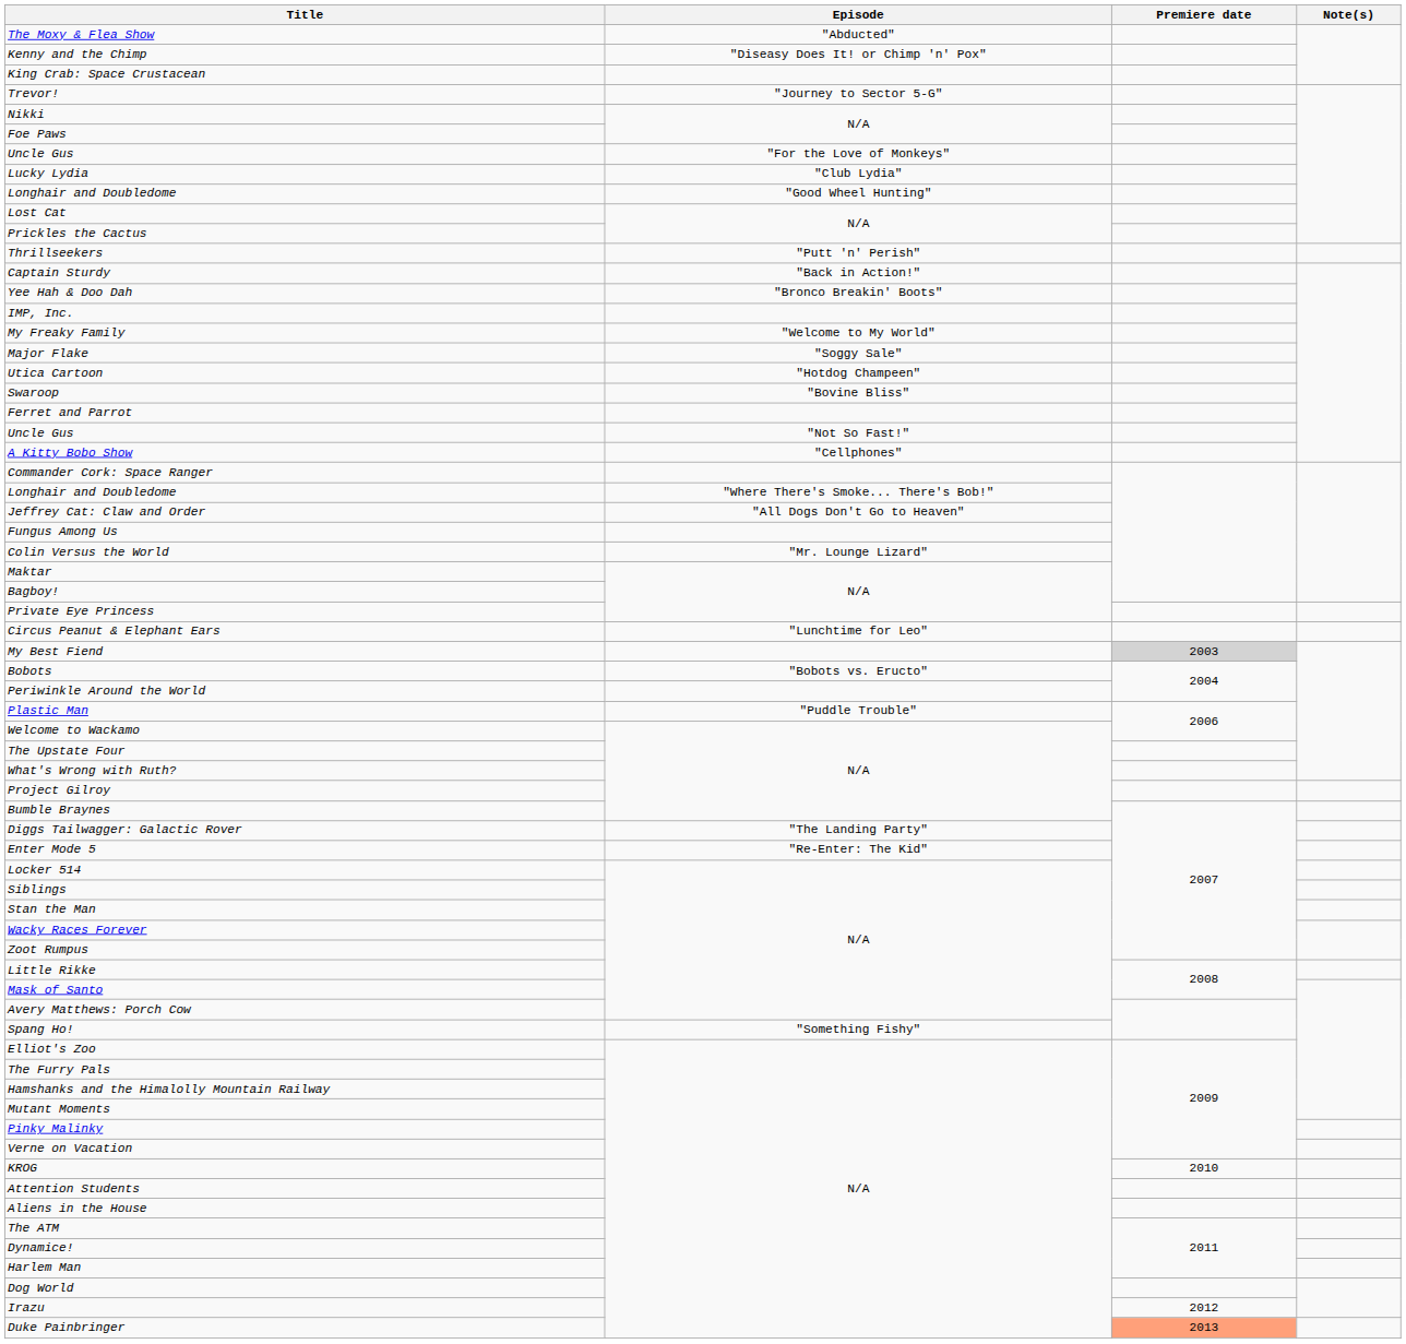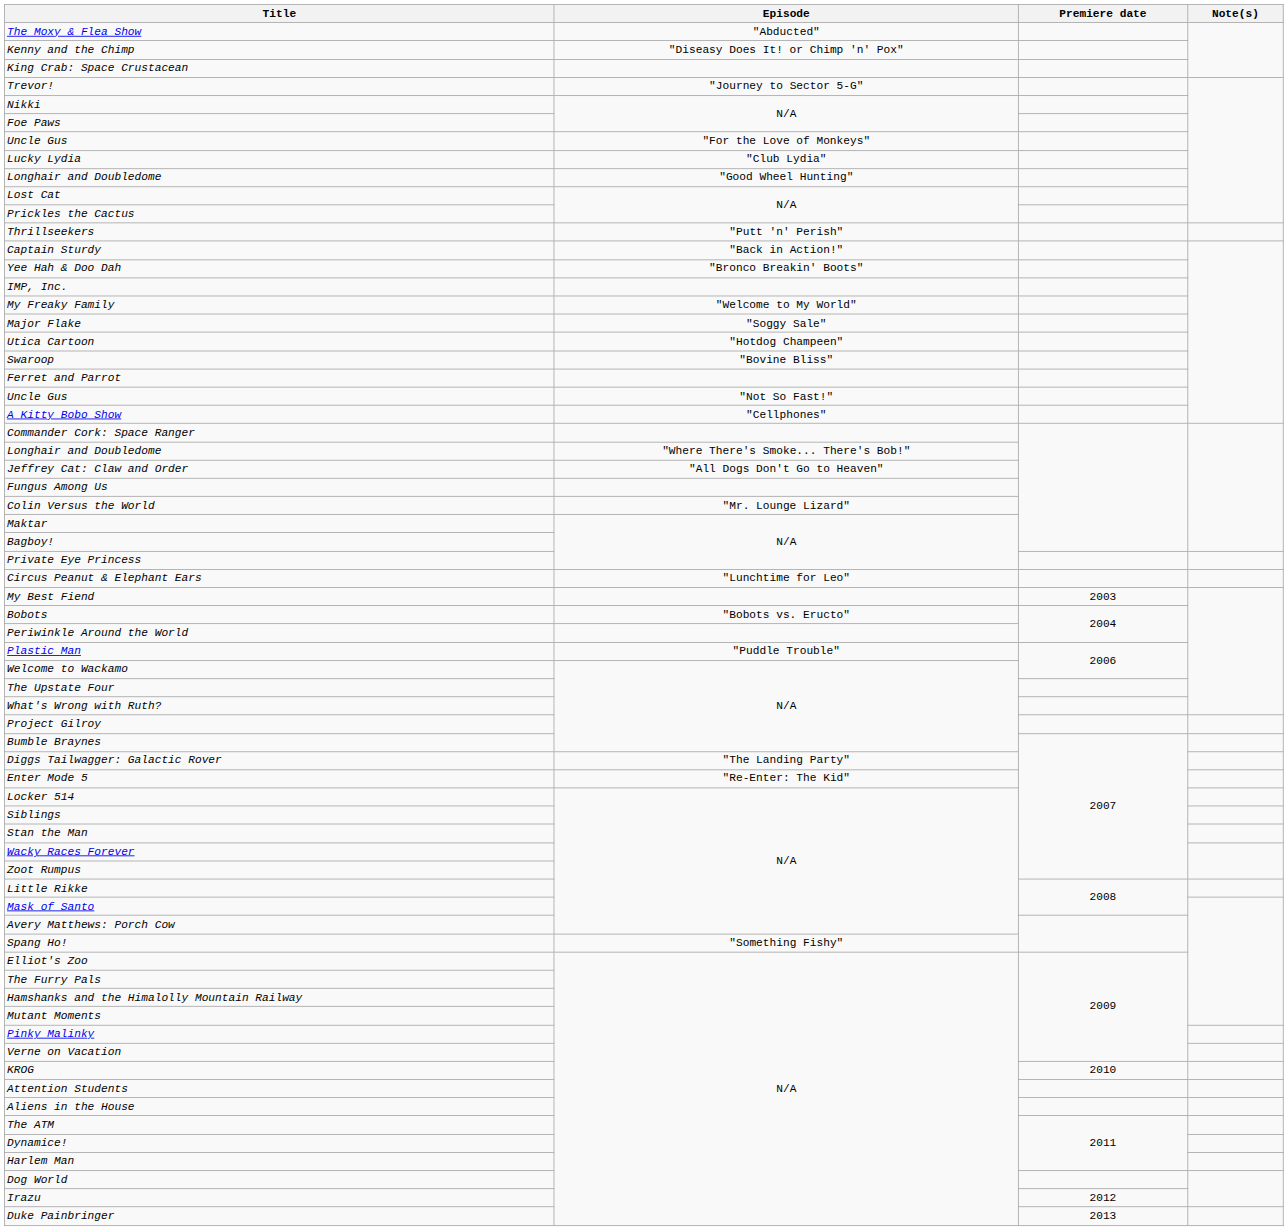 <table class="wikitable plainrowheaders sortable" style="width:75%;text-align:center;">
 <tr>
 <th>Title</th>
 <th>Episode</th>
 <th>Premiere date</th>
 <th class="unsortable">Note(s)</th>
 </tr>
 <tr>
 <td scope="row" style="text-align:left;"><em><a href='#'>The Moxy & Flea Show</a></em></td>
 <td>"Abducted"</td>
 <td></td>
 <td rowspan="3"></td>
 </tr>
 <tr>
 <td scope="row" style="text-align:left;"><em>Kenny and the Chimp</em></td>
 <td>"Diseasy Does It! or Chimp 'n' Pox"</td>
 <td></td>
 </tr>
 <tr>
 <td scope="row" style="text-align:left;"><em>King Crab: Space Crustacean</em></td>
 <td></td>
 <td></td>
 </tr>
 <tr>
 <td scope="row" style="text-align:left;"><em>Trevor!</em></td>
 <td>"Journey to Sector 5-G"</td>
 <td></td>
 <td rowspan="8"></td>
 </tr>
 <tr>
 <td scope="row" style="text-align:left;"><em>Nikki</em></td>
 <td rowspan="2">N/A</td>
 <td></td>
 </tr>
 <tr>
 <td scope="row" style="text-align:left;"><em>Foe Paws</em></td>
 <td></td>
 </tr>
 <tr>
 <td scope="row" style="text-align:left;"><em>Uncle Gus</em></td>
 <td>"For the Love of Monkeys"</td>
 <td></td>
 </tr>
 <tr>
 <td scope="row" style="text-align:left;"><em>Lucky Lydia</em></td>
 <td>"Club Lydia"</td>
 <td></td>
 </tr>
 <tr>
 <td scope="row" style="text-align:left;"><em>Longhair and Doubledome</em></td>
 <td>"Good Wheel Hunting"</td>
 <td></td>
 </tr>
 <tr>
 <td scope="row" style="text-align:left;"><em>Lost Cat</em></td>
 <td rowspan="2">N/A</td>
 <td></td>
 </tr>
 <tr>
 <td scope="row" style="text-align:left;"><em>Prickles the Cactus</em></td>
 <td></td>
 </tr>
 <tr>
 <td scope="row" style="text-align:left;"><em>Thrillseekers</em></td>
 <td>"Putt 'n' Perish"</td>
 <td></td>
 </tr>
 <tr>
 <td scope="row" style="text-align:left;"><em>Captain Sturdy</em></td>
 <td>"Back in Action!"</td>
 <td></td>
 <td rowspan="10"></td>
 </tr>
 <tr>
 <td scope="row" style="text-align:left;"><em>Yee Hah & Doo Dah</em></td>
 <td>"Bronco Breakin' Boots"</td>
 <td></td>
 </tr>
 <tr>
 <td scope="row" style="text-align:left;"><em>IMP, Inc.</em></td>
 <td></td>
 <td></td>
 </tr>
 <tr>
 <td scope="row" style="text-align:left;"><em>My Freaky Family</em></td>
 <td>"Welcome to My World"</td>
 <td></td>
 </tr>
 <tr>
 <td scope="row" style="text-align:left;"><em>Major Flake</em></td>
 <td>"Soggy Sale"</td>
 <td></td>
 </tr>
 <tr>
 <td scope="row" style="text-align:left;"><em>Utica Cartoon</em></td>
 <td>"Hotdog Champeen"</td>
 <td></td>
 </tr>
 <tr>
 <td scope="row" style="text-align:left;"><em>Swaroop</em></td>
 <td>"Bovine Bliss"</td>
 <td></td>
 </tr>
 <tr>
 <td scope="row" style="text-align:left;"><em>Ferret and Parrot</em></td>
 <td></td>
 <td></td>
 </tr>
 <tr>
 <td scope="row" style="text-align:left;"><em>Uncle Gus</em></td>
 <td>"Not So Fast!"</td>
 <td></td>
 </tr>
 <tr>
 <td scope="row" style="text-align:left;"><em><a href='#'>A Kitty Bobo Show</a></em></td>
 <td>"Cellphones"</td>
 <td></td>
 </tr>
 <tr>
 <td scope="row" style="text-align:left;"><em>Commander Cork: Space Ranger</em></td>
 <td></td>
 <td rowspan="7"></td>
 <td rowspan="7"></td>
 </tr>
 <tr>
 <td scope="row" style="text-align:left;"><em>Longhair and Doubledome</em></td>
 <td>"Where There's Smoke... There's Bob!"</td>
 </tr>
 <tr>
 <td scope="row" style="text-align:left;"><em>Jeffrey Cat: Claw and Order</em></td>
 <td>"All Dogs Don't Go to Heaven"</td>
 </tr>
 <tr>
 <td scope="row" style="text-align:left;"><em>Fungus Among Us</em></td>
 <td></td>
 </tr>
 <tr>
 <td scope="row" style="text-align:left;"><em>Colin Versus the World</em></td>
 <td>"Mr. Lounge Lizard"</td>
 </tr>
 <tr>
 <td scope="row" style="text-align:left;"><em>Maktar</em></td>
 <td rowspan="3">N/A</td>
 </tr>
 <tr>
 <td scope="row" style="text-align:left;"><em>Bagboy!</em></td>
 </tr>
 <tr>
 <td scope="row" style="text-align:left;"><em>Private Eye Princess</em></td>
 <td></td>
 <td></td>
 </tr>
 <tr>
 <td scope="row" style="text-align:left;"><em>Circus Peanut & Elephant Ears</em></td>
 <td>"Lunchtime for Leo"</td>
 <td></td>
 <td></td>
 </tr>
 <tr>
 <td scope="row" style="text-align:left;"><em>My Best Fiend</em></td>
 <td></td>
-<td style="background: lightgrey;">2003</td>
+<td>2003</td>
 <td rowspan="7"></td>
 </tr>
 <tr>
 <td scope="row" style="text-align:left;"><em>Bobots</em></td>
 <td>"Bobots vs. Eructo"</td>
 <td rowspan="2">2004</td>
 </tr>
 <tr>
 <td scope="row" style="text-align:left;"><em>Periwinkle Around the World</em></td>
 <td></td>
 </tr>
 <tr>
 <td scope="row" style="text-align:left;"><em><a href='#'>Plastic Man</a></em></td>
 <td>"Puddle Trouble"</td>
 <td rowspan="2">2006</td>
 </tr>
 <tr>
 <td scope="row" style="text-align:left;"><em>Welcome to Wackamo</em></td>
 <td rowspan="5">N/A</td>
 </tr>
 <tr>
 <td scope="row" style="text-align:left;"><em>The Upstate Four</em></td>
 <td></td>
 </tr>
 <tr>
 <td scope="row" style="text-align:left;"><em>What's Wrong with Ruth?</em></td>
 <td></td>
 </tr>
 <tr>
 <td scope="row" style="text-align:left;"><em>Project Gilroy</em></td>
 <td></td>
 <td></td>
 </tr>
 <tr>
 <td scope="row" style="text-align:left;"><em>Bumble Braynes</em></td>
 <td rowspan="8">2007</td>
 <td></td>
 </tr>
 <tr>
 <td scope="row" style="text-align:left;"><em>Diggs Tailwagger: Galactic Rover</em></td>
 <td>"The Landing Party"</td>
 <td></td>
 </tr>
 <tr>
 <td scope="row" style="text-align:left;"><em>Enter Mode 5</em></td>
 <td>"Re-Enter: The Kid"</td>
 <td></td>
 </tr>
 <tr>
 <td scope="row" style="text-align:left;"><em>Locker 514</em></td>
 <td rowspan="8">N/A</td>
 <td></td>
 </tr>
 <tr>
 <td scope="row" style="text-align:left;"><em>Siblings</em></td>
 <td></td>
 </tr>
 <tr>
 <td scope="row" style="text-align:left;"><em>Stan the Man</em></td>
 <td></td>
 </tr>
 <tr>
 <td scope="row" style="text-align:left;"><em><a href='#'>Wacky Races Forever</a></em></td>
 <td rowspan="2"></td>
 </tr>
 <tr>
 <td scope="row" style="text-align:left;"><em>Zoot Rumpus</em></td>
 </tr>
 <tr>
 <td scope="row" style="text-align:left;"><em>Little Rikke</em></td>
 <td rowspan="2">2008</td>
 <td></td>
 </tr>
 <tr>
 <td scope="row" style="text-align:left;"><em><a href='#'>Mask of Santo</a></em></td>
 <td rowspan="7"></td>
 </tr>
 <tr>
 <td scope="row" style="text-align:left;"><em>Avery Matthews: Porch Cow</em></td>
 <td rowspan="2"></td>
 </tr>
 <tr>
 <td scope="row" style="text-align:left;"><em>Spang Ho!</em></td>
 <td>"Something Fishy"</td>
 </tr>
 <tr>
 <td scope="row" style="text-align:left;"><em>Elliot's Zoo</em></td>
 <td rowspan="15">N/A</td>
 <td rowspan="6">2009</td>
 </tr>
 <tr>
 <td scope="row" style="text-align:left;"><em>The Furry Pals</em></td>
 </tr>
 <tr>
 <td scope="row" style="text-align:left;"><em>Hamshanks and the Himalolly Mountain Railway</em></td>
 </tr>
 <tr>
 <td scope="row" style="text-align:left;"><em>Mutant Moments</em></td>
 </tr>
 <tr>
 <td scope="row" style="text-align:left;"><em><a href='#'>Pinky Malinky</a></em></td>
 <td></td>
 </tr>
 <tr>
 <td scope="row" style="text-align:left;"><em>Verne on Vacation</em></td>
 <td></td>
 </tr>
 <tr>
 <td scope="row" style="text-align:left;"><em>KROG</em></td>
 <td>2010</td>
 <td></td>
 </tr>
 <tr>
 <td scope="row" style="text-align:left;"><em>Attention Students</em></td>
 <td></td>
 <td></td>
 </tr>
 <tr>
 <td scope="row" style="text-align:left;"><em>Aliens in the House</em></td>
 <td></td>
 <td></td>
 </tr>
 <tr>
 <td scope="row" style="text-align:left;"><em>The ATM</em></td>
 <td rowspan="3">2011</td>
 <td></td>
 </tr>
 <tr>
 <td scope="row" style="text-align:left;"><em>Dynamice!</em></td>
 <td></td>
 </tr>
 <tr>
 <td scope="row" style="text-align:left;"><em>Harlem Man</em></td>
 <td></td>
 </tr>
 <tr>
 <td scope="row" style="text-align:left;"><em>Dog World</em></td>
 <td></td>
 <td rowspan="2"></td>
 </tr>
 <tr>
 <td scope="row" style="text-align:left;"><em>Irazu</em></td>
 <td>2012</td>
 </tr>
 <tr>
 <td scope="row" style="text-align:left;"><em>Duke Painbringer</em></td>
-<td style="background: lightsalmon;">2013</td>
+<td>2013</td>
 <td></td>
 </tr>
 </table>
